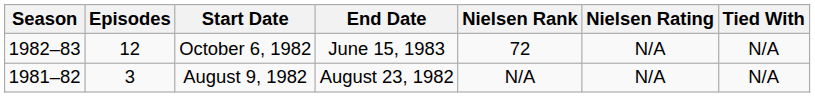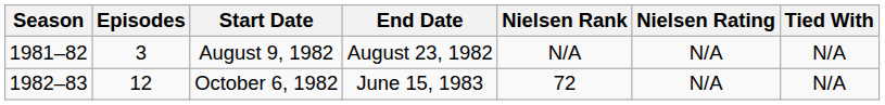 <table class="wikitable" style="text-align: center">
 <tr>
 <th>Season</th>
 <th>Episodes</th>
 <th>Start Date</th>
 <th>End Date</th>
 <th>Nielsen Rank</th>
 <th>Nielsen Rating</th>
 <th>Tied With</th>
 </tr>
 <tr>
+<td style="text-align:center">1981–82</td>
+<td style="text-align:center">3</td>
+<td style="text-align:center">August 9, 1982</td>
+<td style="text-align:center">August 23, 1982</td>
+<td style="text-align:center:">N/A</td>
+<td style="text-align:center">N/A</td>
+<td style="text-align:center">N/A</td>
+</tr>
+<tr>
 <td style="text-align:center">1982–83</td>
 <td style="text-align:center">12</td>
 <td style="text-align:center">October 6, 1982</td>
 <td style="text-align:center">June 15, 1983</td>
 <td style="text-align:center:">72</td>
 <td style="text-align:center">N/A</td>
 <td style="text-align:center">N/A</td>
 </tr>
-<tr>
-<td style="text-align:center">1981–82</td>
-<td style="text-align:center">3</td>
-<td style="text-align:center">August 9, 1982</td>
-<td style="text-align:center">August 23, 1982</td>
-<td style="text-align:center:">N/A</td>
-<td style="text-align:center">N/A</td>
-<td style="text-align:center">N/A</td>
-</tr>
 </table>
